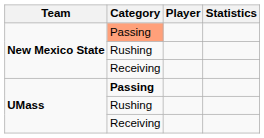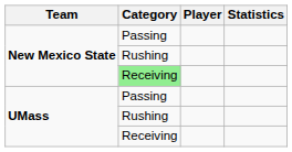 <table class="wikitable" style="float: right;">
 <tr>
 <th>Team</th>
 <th>Category</th>
 <th>Player</th>
 <th>Statistics</th>
 </tr>
 <tr>
 <td rowspan=3><strong>New Mexico State</strong></td>
-<td style="background: lightsalmon;">Passing</td>
+<td>Passing</td>
 <td></td>
 <td></td>
 </tr>
 <tr>
 <td>Rushing</td>
 <td></td>
 <td></td>
 </tr>
 <tr>
-<td>Receiving</td>
+<td style="background: lightgreen;">Receiving</td>
 <td></td>
 <td></td>
 </tr>
 <tr>
 <td rowspan=3><strong>UMass</strong></td>
-<td><strong>Passing</strong></td>
+<td>Passing</td>
 <td></td>
 <td></td>
 </tr>
 <tr>
 <td>Rushing</td>
 <td></td>
 <td></td>
 </tr>
 <tr>
 <td>Receiving</td>
 <td></td>
 <td></td>
 </tr>
 </table>
